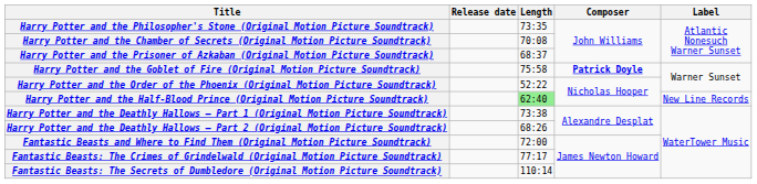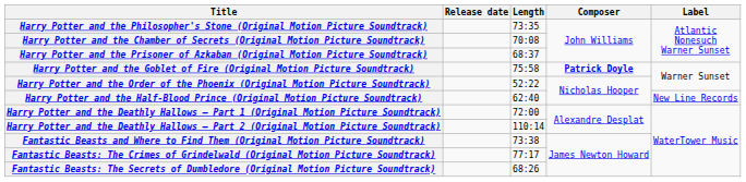 <table class="wikitable plainrowheaders" style="text-align:center">
 <tr>
 <th scope="col">Title</th>
 <th scope="col">Release date</th>
 <th scope="col">Length</th>
 <th scope="col">Composer</th>
 <th scope="col">Label</th>
 </tr>
 <tr>
 <th scope="row"><em><a href='#'>Harry Potter and the Philosopher's Stone (Original Motion Picture Soundtrack)</a></em></th>
 <td style="text-align:left"></td>
 <td style="text-align:left">73:35</td>
 <td rowspan="3"><a href='#'>John Williams</a></td>
 <td rowspan="3"><a href='#'>Atlantic</a><br><a href='#'>Nonesuch</a><br><a href='#'>Warner Sunset</a></td>
 </tr>
 <tr>
 <th scope="row"><em><a href='#'>Harry Potter and the Chamber of Secrets (Original Motion Picture Soundtrack)</a></em></th>
 <td style="text-align:left"></td>
 <td style="text-align:left">70:08</td>
 </tr>
 <tr>
 <th scope="row"><em><a href='#'>Harry Potter and the Prisoner of Azkaban (Original Motion Picture Soundtrack)</a></em></th>
 <td style="text-align:left"></td>
 <td style="text-align:left">68:37</td>
 </tr>
 <tr>
 <th scope="row"><em><a href='#'>Harry Potter and the Goblet of Fire (Original Motion Picture Soundtrack)</a></em></th>
 <td style="text-align:left"></td>
 <td style="text-align:left">75:58</td>
 <td><strong><a href='#'>Patrick Doyle</a></strong></td>
 <td rowspan="2">Warner Sunset</td>
 </tr>
 <tr>
 <th scope="row"><em><a href='#'>Harry Potter and the Order of the Phoenix (Original Motion Picture Soundtrack)</a></em></th>
 <td style="text-align:left"></td>
 <td style="text-align:left">52:22</td>
 <td rowspan="2"><a href='#'>Nicholas Hooper</a></td>
 </tr>
 <tr>
 <th scope="row"><em><a href='#'>Harry Potter and the Half-Blood Prince (Original Motion Picture Soundtrack)</a></em></th>
 <td style="text-align:left"></td>
-<td style="background: lightgreen; text-align:left">62:40</td>
+<td style="text-align:left">62:40</td>
 <td><a href='#'>New Line Records</a></td>
 </tr>
 <tr>
 <th scope="row"><em><a href='#'>Harry Potter and the Deathly Hallows – Part 1 (Original Motion Picture Soundtrack)</a></em></th>
 <td style="text-align:left"></td>
-<td style="text-align:left">73:38</td>
+<td style="text-align:left">72:00</td>
 <td rowspan="2"><a href='#'>Alexandre Desplat</a></td>
 <td rowspan="5"><a href='#'>WaterTower Music</a></td>
 </tr>
 <tr>
 <th scope="row"><em><a href='#'>Harry Potter and the Deathly Hallows – Part 2 (Original Motion Picture Soundtrack)</a></em></th>
 <td style="text-align:left"></td>
-<td style="text-align:left">68:26</td>
+<td style="text-align:left">110:14</td>
 </tr>
 <tr>
 <th scope="row"><em><a href='#'>Fantastic Beasts and Where to Find Them (Original Motion Picture Soundtrack)</a></em></th>
 <td style="text-align:left"></td>
-<td style="text-align:left">72:00</td>
+<td style="text-align:left">73:38</td>
 <td rowspan="3"><a href='#'>James Newton Howard</a></td>
 </tr>
 <tr>
 <th scope="row"><em><a href='#'>Fantastic Beasts: The Crimes of Grindelwald (Original Motion Picture Soundtrack)</a></em></th>
 <td style="text-align:left"></td>
 <td style="text-align:left">77:17</td>
 </tr>
 <tr>
 <th scope="row"><em><a href='#'>Fantastic Beasts: The Secrets of Dumbledore (Original Motion Picture Soundtrack)</a></em></th>
 <td style="text-align:left"></td>
-<td style="text-align:left">110:14</td>
+<td style="text-align:left">68:26</td>
 </tr>
 </table>
